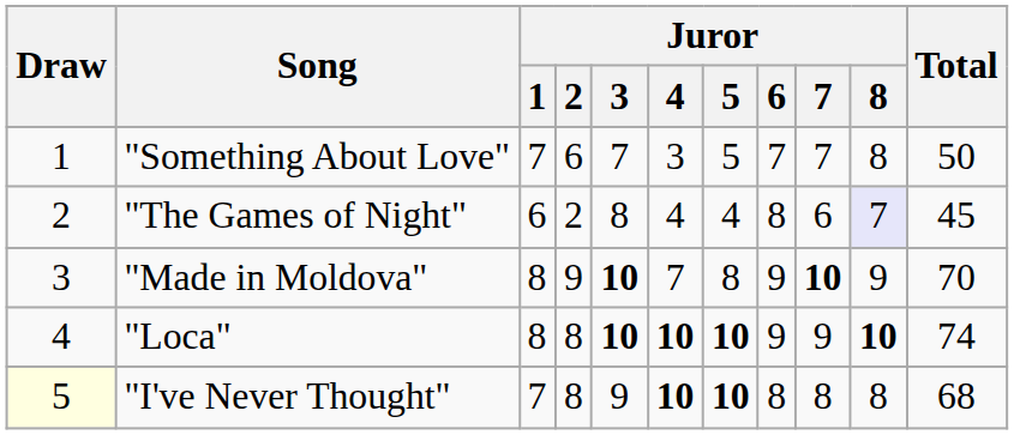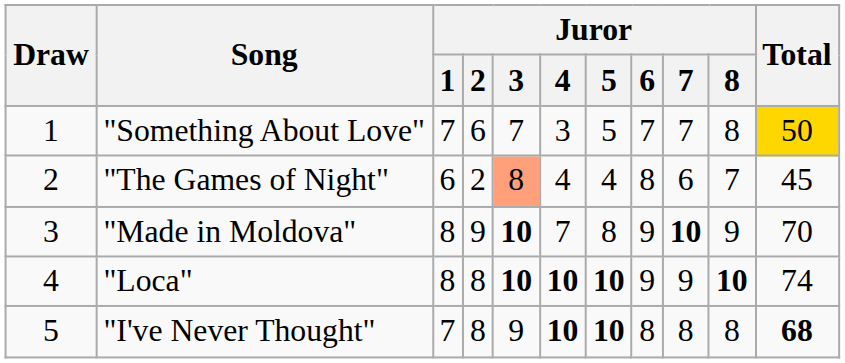 <table class="wikitable collapsible" style="margin: 1em auto 1em auto; text-align:center;">
 <tr>
 <th rowspan="2">Draw</th>
 <th rowspan="2">Song</th>
 <th colspan="8">Juror</th>
 <th rowspan="2">Total</th>
 </tr>
 <tr>
 <th>1</th>
 <th>2</th>
 <th>3</th>
 <th>4</th>
 <th>5</th>
 <th>6</th>
 <th>7</th>
 <th>8</th>
 </tr>
 <tr>
 <td>1</td>
 <td align="left">"Something About Love"</td>
 <td>7</td>
 <td>6</td>
 <td>7</td>
 <td>3</td>
 <td>5</td>
 <td>7</td>
 <td>7</td>
 <td>8</td>
-<td>50</td>
+<td style="background: gold;">50</td>
 </tr>
 <tr>
 <td>2</td>
 <td align="left">"The Games of Night"</td>
 <td>6</td>
 <td>2</td>
-<td>8</td>
+<td style="background: lightsalmon;">8</td>
 <td>4</td>
 <td>4</td>
 <td>8</td>
 <td>6</td>
-<td style="background: lavender;">7</td>
+<td>7</td>
 <td>45</td>
 </tr>
 <tr>
 <td>3</td>
 <td align="left">"Made in Moldova"</td>
 <td>8</td>
 <td>9</td>
 <td><strong>10</strong></td>
 <td>7</td>
 <td>8</td>
 <td>9</td>
 <td><strong>10</strong></td>
 <td>9</td>
 <td>70</td>
 </tr>
 <tr>
 <td>4</td>
 <td align="left">"Loca"</td>
 <td>8</td>
 <td>8</td>
 <td><strong>10</strong></td>
 <td><strong>10</strong></td>
 <td><strong>10</strong></td>
 <td>9</td>
 <td>9</td>
 <td><strong>10</strong></td>
 <td>74</td>
 </tr>
 <tr>
-<td style="background: lightyellow;">5</td>
+<td>5</td>
 <td align="left">"I've Never Thought"</td>
 <td>7</td>
 <td>8</td>
 <td>9</td>
 <td><strong>10</strong></td>
 <td><strong>10</strong></td>
 <td>8</td>
 <td>8</td>
 <td>8</td>
-<td>68</td>
+<td><strong>68</strong></td>
 </tr>
 </table>
